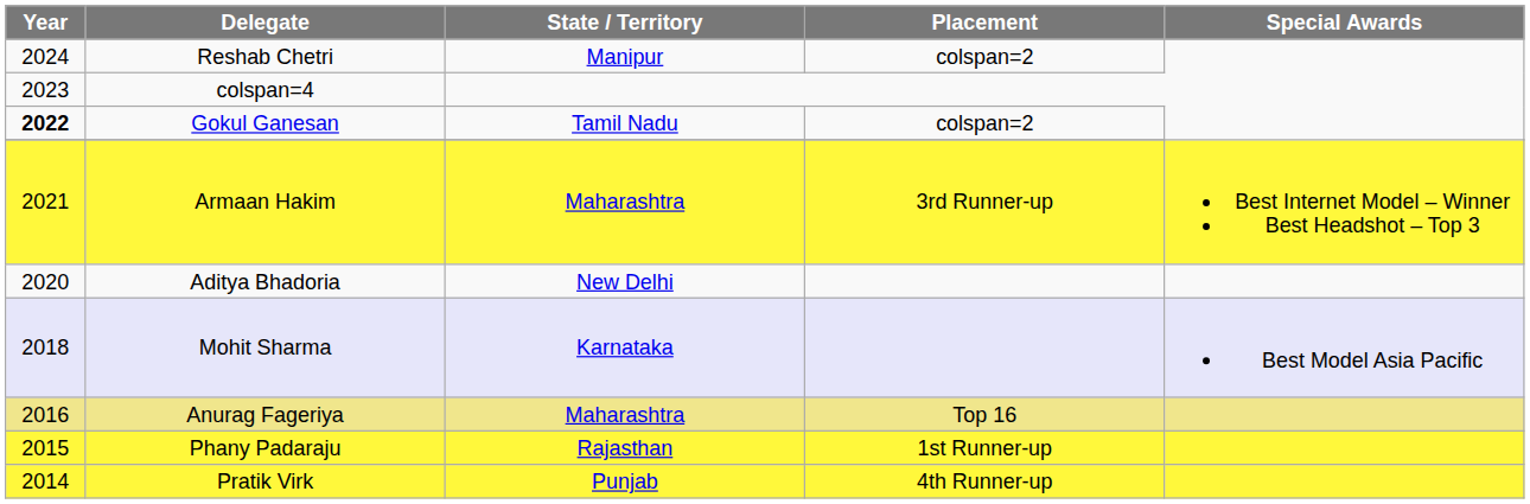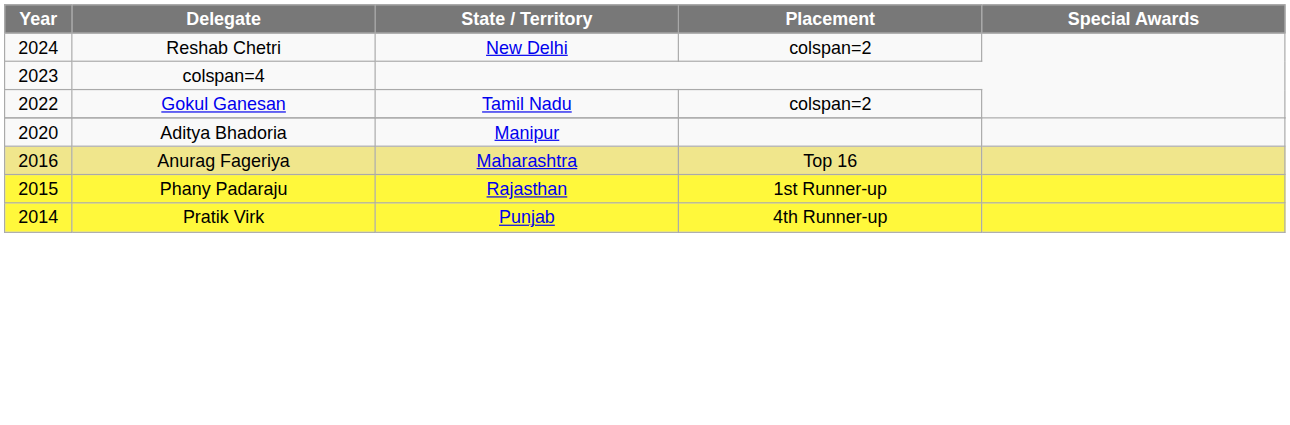 <table class="wikitable sortable" style="font-size: 95%; text-align:center">
 <tr>
 <th width="50" style="background-color:#787878;color:#FFFFFF;">Year</th>
 <th width="250" style="background-color:#787878;color:#FFFFFF;">Delegate</th>
 <th width="250" style="background-color:#787878;color:#FFFFFF;">State / Territory</th>
 <th width="250" style="background-color:#787878;color:#FFFFFF;">Placement</th>
 <th width="250" style="background-color:#787878;color:#FFFFFF;">Special Awards</th>
 </tr>
 <tr>
 <td>2024</td>
 <td>Reshab Chetri</td>
-<td><a href='#'>Manipur</a></td>
+<td><a href='#'>New Delhi</a></td>
 <td>colspan=2 </td>
 </tr>
 <tr>
 <td>2023</td>
 <td>colspan=4 </td>
 </tr>
 <tr>
-<td><strong>2022</strong></td>
+<td>2022</td>
 <td><a href='#'>Gokul Ganesan</a></td>
 <td><a href='#'>Tamil Nadu</a></td>
 <td>colspan=2 </td>
 </tr>
 <tr>
 </tr>
-<tr style="background:#FFF83B;">
-<td> 2021</td>
-<td>Armaan Hakim</td>
-<td><a href='#'>Maharashtra</a></td>
-<td>3rd Runner-up</td>
-<td><br><ul><li>Best Internet Model – Winner</li><li>Best Headshot – Top 3</li></ul></td>
-</tr>
 <tr>
 <td> 2020</td>
 <td>Aditya Bhadoria</td>
-<td><a href='#'>New Delhi</a></td>
+<td><a href='#'>Manipur</a></td>
 <td></td>
 <td></td>
-</tr>
-<tr style="background-color:lavender;">
-<td> 2018</td>
-<td>Mohit Sharma</td>
-<td><a href='#'>Karnataka</a></td>
-<td></td>
-<td><br><ul><li>Best Model Asia Pacific</li></ul></td>
 </tr>
 <tr style="background:khaki;">
 <td> 2016</td>
 <td>Anurag Fageriya</td>
 <td><a href='#'>Maharashtra</a></td>
 <td>Top 16</td>
 <td></td>
 </tr>
 <tr style="background:#FFF83B;">
 <td> 2015</td>
 <td>Phany Padaraju</td>
 <td><a href='#'>Rajasthan</a></td>
 <td>1st Runner-up</td>
 <td></td>
 </tr>
 <tr style="background:#FFF83B;">
 <td> 2014</td>
 <td>Pratik Virk</td>
 <td><a href='#'>Punjab</a></td>
 <td>4th Runner-up</td>
 <td></td>
 </tr>
 </table>
